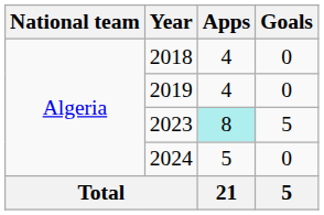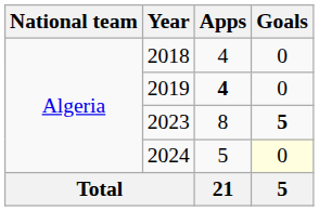 <table class="wikitable" style="text-align:center">
 <tr>
 <th>National team</th>
 <th>Year</th>
 <th>Apps</th>
 <th>Goals</th>
 </tr>
 <tr>
 <td rowspan="4"><a href='#'>Algeria</a></td>
 <td>2018</td>
 <td>4</td>
 <td>0</td>
 </tr>
 <tr>
 <td>2019</td>
-<td>4</td>
+<td><strong>4</strong></td>
 <td>0</td>
 </tr>
 <tr>
 <td>2023</td>
-<td style="background: paleturquoise;">8</td>
-<td>5</td>
+<td>8</td>
+<td><strong>5</strong></td>
 </tr>
 <tr>
 <td>2024</td>
 <td>5</td>
-<td>0</td>
+<td style="background: lightyellow;">0</td>
 </tr>
 <tr>
 <th colspan="2">Total</th>
 <th>21</th>
 <th>5</th>
 </tr>
 </table>
